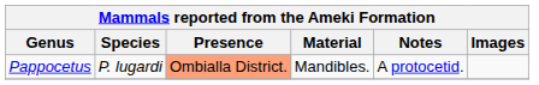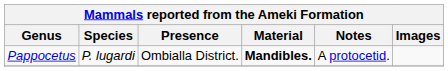 <table class="wikitable" align="center">
 <tr>
 <th colspan="6" align="center"><a href='#'>Mammals</a> reported from the Ameki Formation</th>
 </tr>
 <tr>
 <th>Genus</th>
 <th>Species</th>
 <th>Presence</th>
 <th>Material</th>
 <th>Notes</th>
 <th>Images</th>
 </tr>
 <tr>
 <td><em><a href='#'>Pappocetus</a></em></td>
 <td><em>P. lugardi</em></td>
-<td style="background: lightsalmon;">Ombialla District.</td>
-<td>Mandibles.</td>
+<td>Ombialla District.</td>
+<td><strong>Mandibles.</strong></td>
 <td>A <a href='#'>protocetid</a>.</td>
 <td></td>
 </tr>
 <tr>
 </tr>
 </table>
